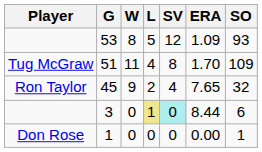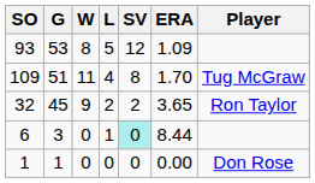 <table class="wikitable sortable">
 <tr>
-<th>Player</th>
+<th>SO</th>
 <th>G</th>
 <th>W</th>
 <th>L</th>
 <th>SV</th>
 <th>ERA</th>
-<th>SO</th>
+<th>Player</th>
 </tr>
 <tr align="center">
-<td></td>
+<td>93</td>
 <td>53</td>
 <td>8</td>
 <td>5</td>
 <td>12</td>
 <td>1.09</td>
-<td>93</td>
+<td></td>
 </tr>
 <tr align="center">
-<td><a href='#'>Tug McGraw</a></td>
+<td>109</td>
 <td>51</td>
 <td>11</td>
 <td>4</td>
 <td>8</td>
 <td>1.70</td>
-<td>109</td>
+<td><a href='#'>Tug McGraw</a></td>
 </tr>
 <tr align=center>
-<td><a href='#'>Ron Taylor</a></td>
+<td>32</td>
 <td>45</td>
 <td>9</td>
 <td>2</td>
-<td>4</td>
-<td>7.65</td>
-<td>32</td>
+<td>2</td>
+<td>3.65</td>
+<td><a href='#'>Ron Taylor</a></td>
 </tr>
 <tr align=center>
-<td></td>
+<td>6</td>
 <td>3</td>
 <td>0</td>
-<td style="background: khaki;">1</td>
+<td>1</td>
 <td style="background: paleturquoise;">0</td>
 <td>8.44</td>
-<td>6</td>
+<td></td>
 </tr>
 <tr align="center">
-<td><a href='#'>Don Rose</a></td>
+<td>1</td>
 <td>1</td>
 <td>0</td>
 <td>0</td>
 <td>0</td>
 <td>0.00</td>
-<td>1</td>
+<td><a href='#'>Don Rose</a></td>
 </tr>
 </table>
